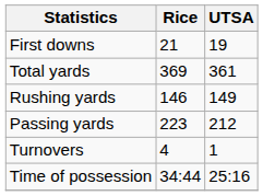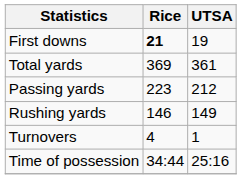 <table class="wikitable" style="float: right;">
 <tr>
 <th>Statistics</th>
 <th>Rice</th>
 <th>UTSA</th>
 </tr>
 <tr>
 <td>First downs</td>
-<td>21</td>
+<td><strong>21</strong></td>
 <td>19</td>
 </tr>
 <tr>
 <td>Total yards</td>
 <td>369</td>
 <td>361</td>
 </tr>
 <tr>
+<td>Passing yards</td>
+<td>223</td>
+<td>212</td>
+</tr>
+<tr>
 <td>Rushing yards</td>
 <td>146</td>
 <td>149</td>
-</tr>
-<tr>
-<td>Passing yards</td>
-<td>223</td>
-<td>212</td>
 </tr>
 <tr>
 <td>Turnovers</td>
 <td>4</td>
 <td>1</td>
 </tr>
 <tr>
 <td>Time of possession</td>
 <td>34:44</td>
 <td>25:16</td>
 </tr>
 <tr>
 </tr>
 </table>
